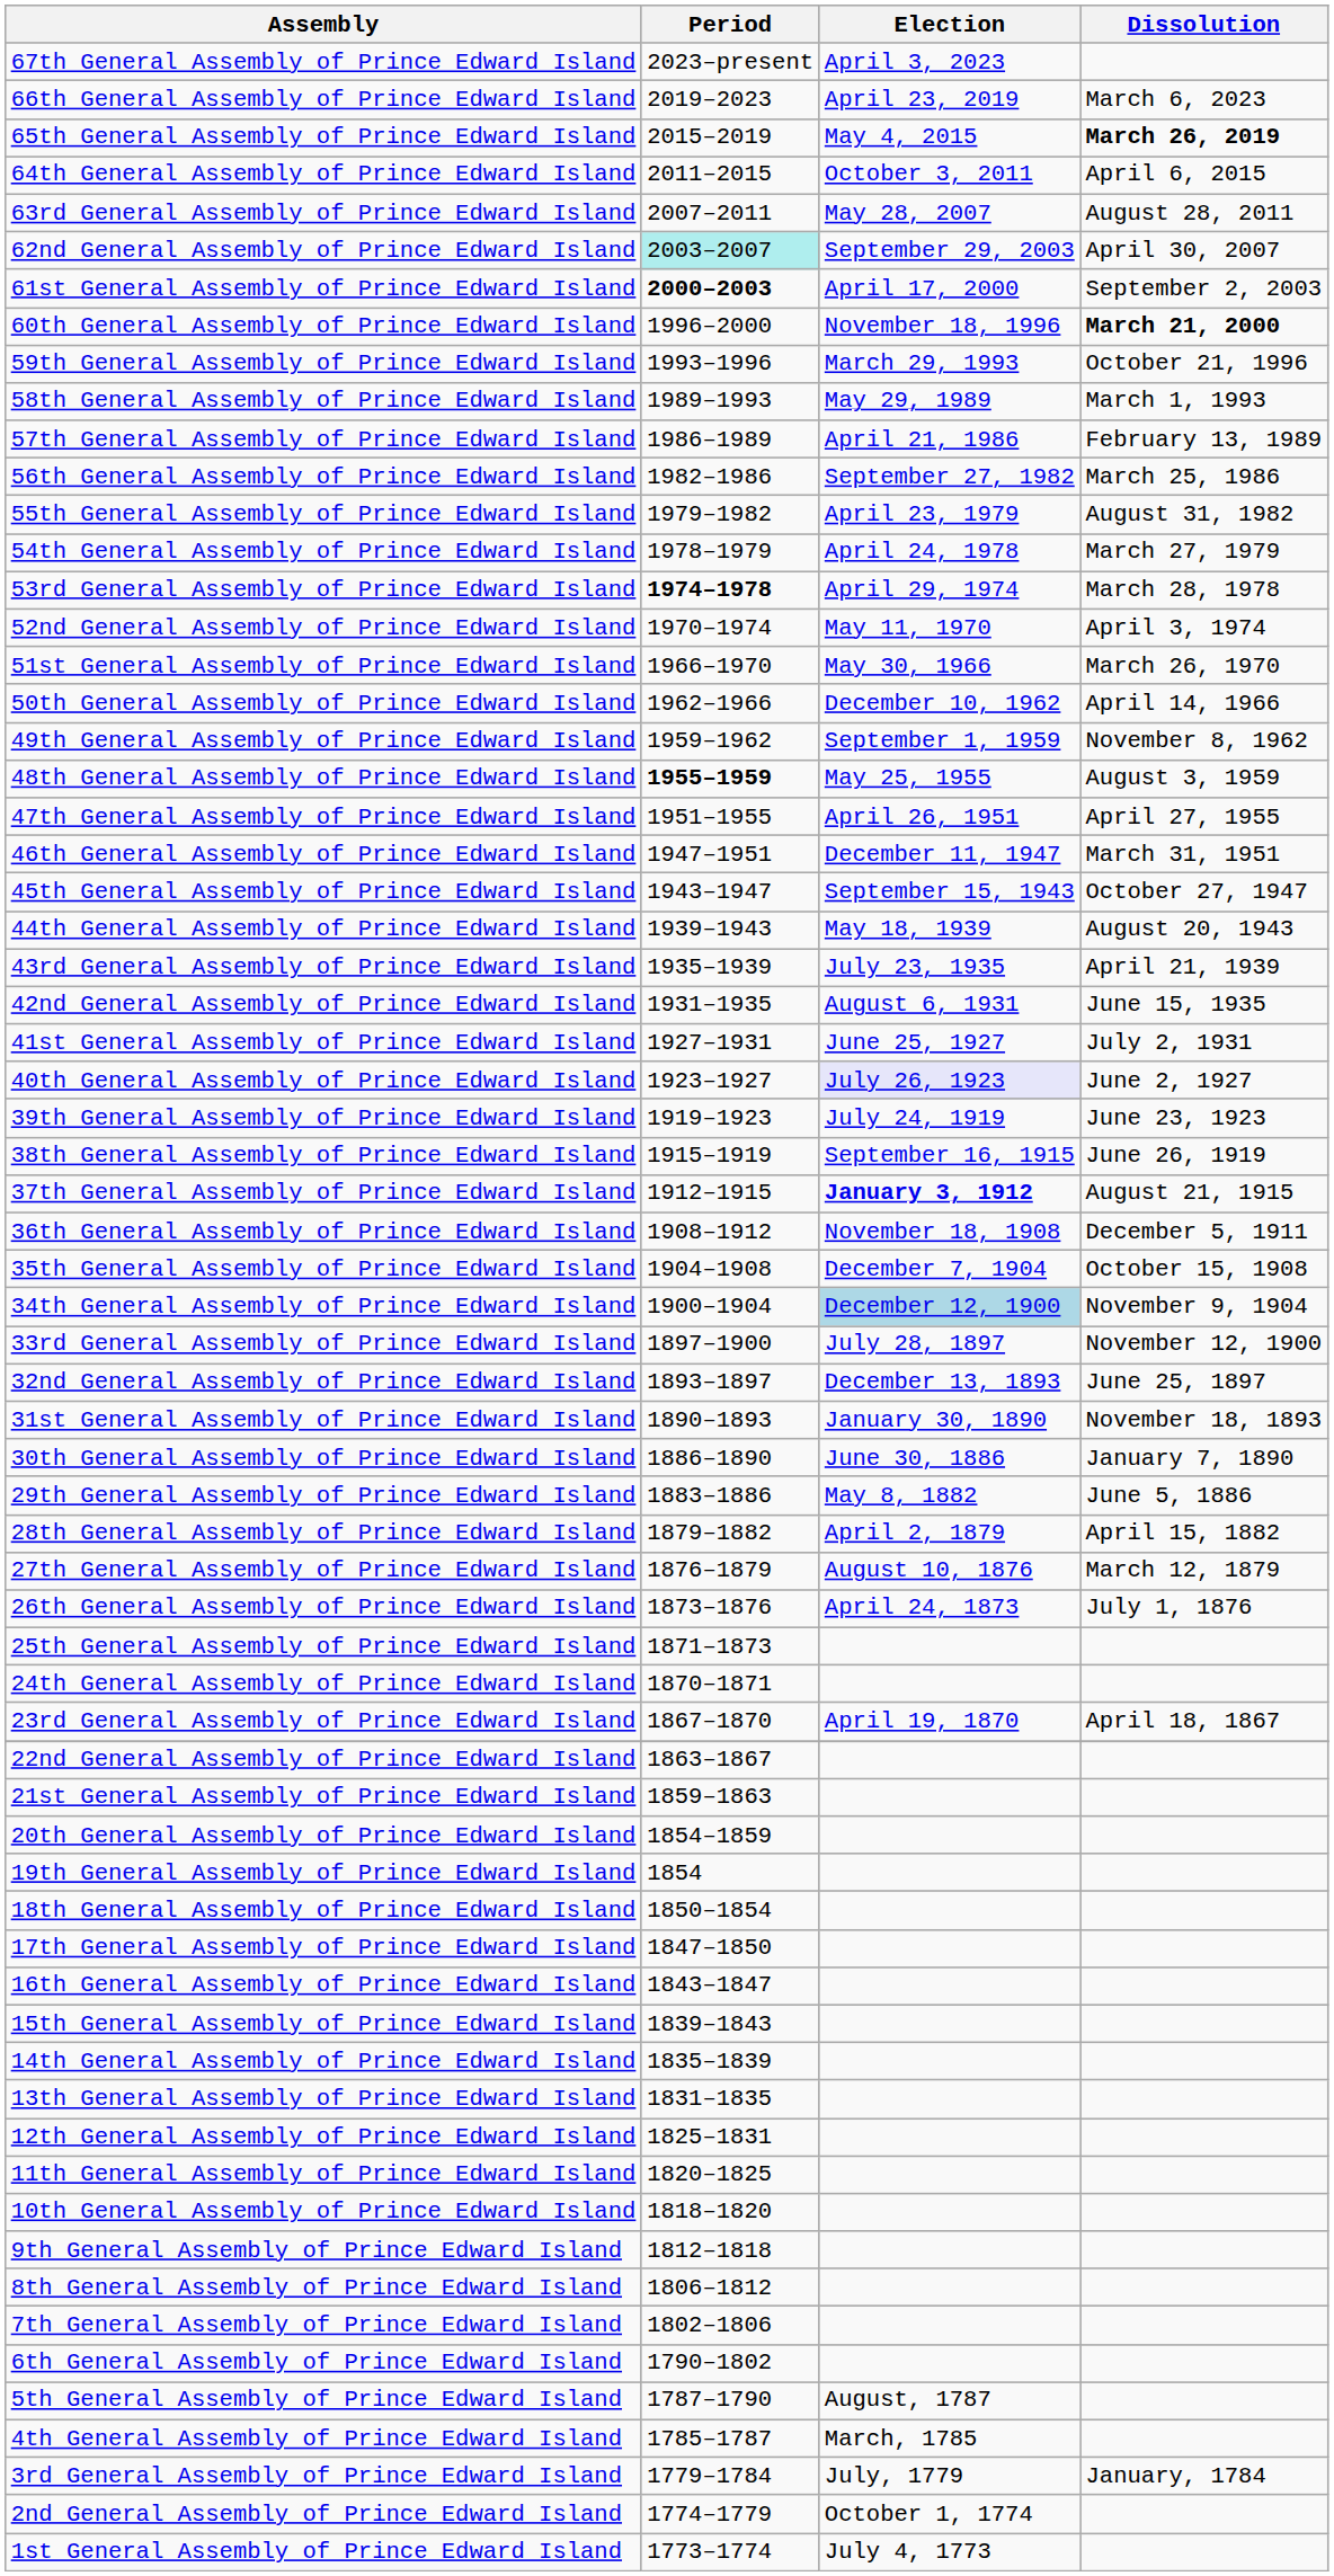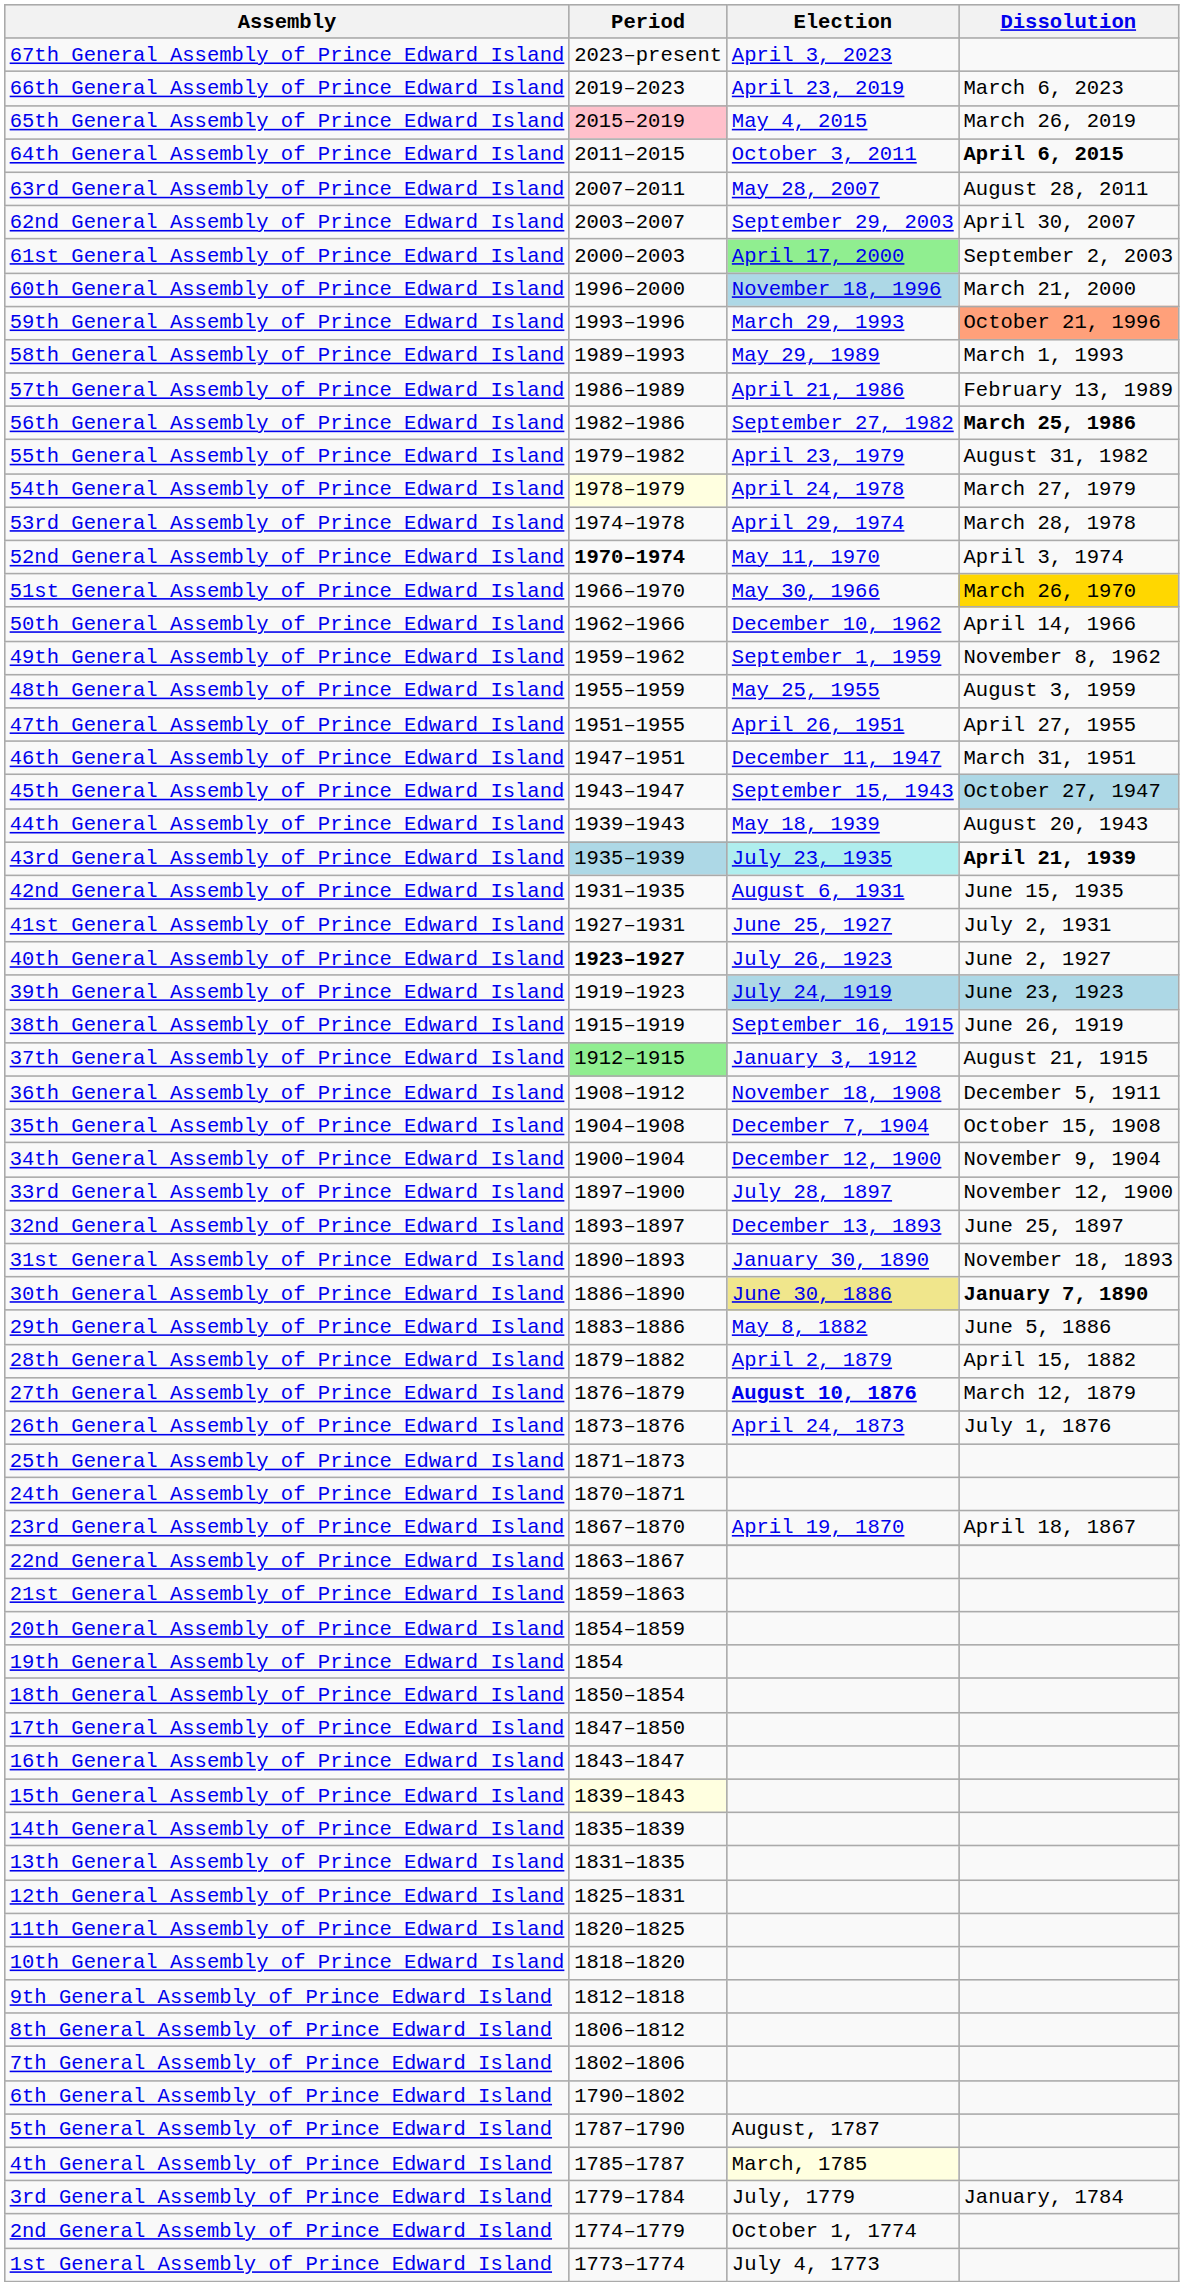 <table class="wikitable">
 <tr>
 <th align="right">Assembly</th>
 <th align="right">Period</th>
 <th align="right">Election</th>
 <th align="right"><a href='#'>Dissolution</a></th>
 </tr>
 <tr>
 <td><a href='#'>67th General Assembly of Prince Edward Island</a></td>
 <td>2023–present</td>
 <td><a href='#'>April 3, 2023</a></td>
 <td></td>
 </tr>
 <tr>
 <td><a href='#'>66th General Assembly of Prince Edward Island</a></td>
 <td>2019–2023</td>
 <td><a href='#'>April 23, 2019</a></td>
 <td>March 6, 2023</td>
 </tr>
 <tr>
 <td><a href='#'>65th General Assembly of Prince Edward Island</a></td>
-<td>2015–2019</td>
+<td style="background: pink;">2015–2019</td>
 <td><a href='#'>May 4, 2015</a></td>
-<td><strong>March 26, 2019</strong></td>
+<td>March 26, 2019</td>
 </tr>
 <tr>
 <td><a href='#'>64th General Assembly of Prince Edward Island</a></td>
 <td>2011–2015</td>
 <td><a href='#'>October 3, 2011</a></td>
-<td>April 6, 2015</td>
+<td><strong>April 6, 2015</strong></td>
 </tr>
 <tr>
 <td><a href='#'>63rd General Assembly of Prince Edward Island</a></td>
 <td>2007–2011</td>
 <td><a href='#'>May 28, 2007</a></td>
 <td>August 28, 2011</td>
 </tr>
 <tr>
 <td><a href='#'>62nd General Assembly of Prince Edward Island</a></td>
-<td style="background: paleturquoise;">2003–2007</td>
+<td>2003–2007</td>
 <td><a href='#'>September 29, 2003</a></td>
 <td>April 30, 2007</td>
 </tr>
 <tr>
 <td><a href='#'>61st General Assembly of Prince Edward Island</a></td>
-<td><strong>2000–2003</strong></td>
-<td><a href='#'>April 17, 2000</a></td>
+<td>2000–2003</td>
+<td style="background: lightgreen;"><a href='#'>April 17, 2000</a></td>
 <td>September 2, 2003</td>
 </tr>
 <tr>
 <td><a href='#'>60th General Assembly of Prince Edward Island</a></td>
 <td>1996–2000</td>
-<td><a href='#'>November 18, 1996</a></td>
-<td><strong>March 21, 2000</strong></td>
+<td style="background: lightblue;"><a href='#'>November 18, 1996</a></td>
+<td>March 21, 2000</td>
 </tr>
 <tr>
 <td><a href='#'>59th General Assembly of Prince Edward Island</a></td>
 <td>1993–1996</td>
 <td><a href='#'>March 29, 1993</a></td>
-<td>October 21, 1996</td>
+<td style="background: lightsalmon;">October 21, 1996</td>
 </tr>
 <tr>
 <td><a href='#'>58th General Assembly of Prince Edward Island</a></td>
 <td>1989–1993</td>
 <td><a href='#'>May 29, 1989</a></td>
 <td>March 1, 1993</td>
 </tr>
 <tr>
 <td><a href='#'>57th General Assembly of Prince Edward Island</a></td>
 <td>1986–1989</td>
 <td><a href='#'>April 21, 1986</a></td>
 <td>February 13, 1989</td>
 </tr>
 <tr>
 <td><a href='#'>56th General Assembly of Prince Edward Island</a></td>
 <td>1982–1986</td>
 <td><a href='#'>September 27, 1982</a></td>
-<td>March 25, 1986</td>
+<td><strong>March 25, 1986</strong></td>
 </tr>
 <tr>
 <td><a href='#'>55th General Assembly of Prince Edward Island</a></td>
 <td>1979–1982</td>
 <td><a href='#'>April 23, 1979</a></td>
 <td>August 31, 1982</td>
 </tr>
 <tr>
 <td><a href='#'>54th General Assembly of Prince Edward Island</a></td>
-<td>1978–1979</td>
+<td style="background: lightyellow;">1978–1979</td>
 <td><a href='#'>April 24, 1978</a></td>
 <td>March 27, 1979</td>
 </tr>
 <tr>
 <td><a href='#'>53rd General Assembly of Prince Edward Island</a></td>
-<td><strong>1974–1978</strong></td>
+<td>1974–1978</td>
 <td><a href='#'>April 29, 1974</a></td>
 <td>March 28, 1978</td>
 </tr>
 <tr>
 <td><a href='#'>52nd General Assembly of Prince Edward Island</a></td>
-<td>1970–1974</td>
+<td><strong>1970–1974</strong></td>
 <td><a href='#'>May 11, 1970</a></td>
 <td>April 3, 1974</td>
 </tr>
 <tr>
 <td><a href='#'>51st General Assembly of Prince Edward Island</a></td>
 <td>1966–1970</td>
 <td><a href='#'>May 30, 1966</a></td>
-<td>March 26, 1970</td>
+<td style="background: gold;">March 26, 1970</td>
 </tr>
 <tr>
 <td><a href='#'>50th General Assembly of Prince Edward Island</a></td>
 <td>1962–1966</td>
 <td><a href='#'>December 10, 1962</a></td>
 <td>April 14, 1966</td>
 </tr>
 <tr>
 <td><a href='#'>49th General Assembly of Prince Edward Island</a></td>
 <td>1959–1962</td>
 <td><a href='#'>September 1, 1959</a></td>
 <td>November 8, 1962</td>
 </tr>
 <tr>
 <td><a href='#'>48th General Assembly of Prince Edward Island</a></td>
-<td><strong>1955–1959</strong></td>
+<td>1955–1959</td>
 <td><a href='#'>May 25, 1955</a></td>
 <td>August 3, 1959</td>
 </tr>
 <tr>
 <td><a href='#'>47th General Assembly of Prince Edward Island</a></td>
 <td>1951–1955</td>
 <td><a href='#'>April 26, 1951</a></td>
 <td>April 27, 1955</td>
 </tr>
 <tr>
 <td><a href='#'>46th General Assembly of Prince Edward Island</a></td>
 <td>1947–1951</td>
 <td><a href='#'>December 11, 1947</a></td>
 <td>March 31, 1951</td>
 </tr>
 <tr>
 <td><a href='#'>45th General Assembly of Prince Edward Island</a></td>
 <td>1943–1947</td>
 <td><a href='#'>September 15, 1943</a></td>
-<td>October 27, 1947</td>
+<td style="background: lightblue;">October 27, 1947</td>
 </tr>
 <tr>
 <td><a href='#'>44th General Assembly of Prince Edward Island</a></td>
 <td>1939–1943</td>
 <td><a href='#'>May 18, 1939</a></td>
 <td>August 20, 1943</td>
 </tr>
 <tr>
 <td><a href='#'>43rd General Assembly of Prince Edward Island</a></td>
-<td>1935–1939</td>
-<td><a href='#'>July 23, 1935</a></td>
-<td>April 21, 1939</td>
+<td style="background: lightblue;">1935–1939</td>
+<td style="background: paleturquoise;"><a href='#'>July 23, 1935</a></td>
+<td><strong>April 21, 1939</strong></td>
 </tr>
 <tr>
 <td><a href='#'>42nd General Assembly of Prince Edward Island</a></td>
 <td>1931–1935</td>
 <td><a href='#'>August 6, 1931</a></td>
 <td>June 15, 1935</td>
 </tr>
 <tr>
 <td><a href='#'>41st General Assembly of Prince Edward Island</a></td>
 <td>1927–1931</td>
 <td><a href='#'>June 25, 1927</a></td>
 <td>July 2, 1931</td>
 </tr>
 <tr>
 <td><a href='#'>40th General Assembly of Prince Edward Island</a></td>
-<td>1923–1927</td>
-<td style="background: lavender;"><a href='#'>July 26, 1923</a></td>
+<td><strong>1923–1927</strong></td>
+<td><a href='#'>July 26, 1923</a></td>
 <td>June 2, 1927</td>
 </tr>
 <tr>
 <td><a href='#'>39th General Assembly of Prince Edward Island</a></td>
 <td>1919–1923</td>
-<td><a href='#'>July 24, 1919</a></td>
-<td>June 23, 1923</td>
+<td style="background: lightblue;"><a href='#'>July 24, 1919</a></td>
+<td style="background: lightblue;">June 23, 1923</td>
 </tr>
 <tr>
 <td><a href='#'>38th General Assembly of Prince Edward Island</a></td>
 <td>1915–1919</td>
 <td><a href='#'>September 16, 1915</a></td>
 <td>June 26, 1919</td>
 </tr>
 <tr>
 <td><a href='#'>37th General Assembly of Prince Edward Island</a></td>
-<td>1912–1915</td>
-<td><strong><a href='#'>January 3, 1912</a></strong></td>
+<td style="background: lightgreen;">1912–1915</td>
+<td><a href='#'>January 3, 1912</a></td>
 <td>August 21, 1915</td>
 </tr>
 <tr>
 <td><a href='#'>36th General Assembly of Prince Edward Island</a></td>
 <td>1908–1912</td>
 <td><a href='#'>November 18, 1908</a></td>
 <td>December 5, 1911</td>
 </tr>
 <tr>
 <td><a href='#'>35th General Assembly of Prince Edward Island</a></td>
 <td>1904–1908</td>
 <td><a href='#'>December 7, 1904</a></td>
 <td>October 15, 1908</td>
 </tr>
 <tr>
 <td><a href='#'>34th General Assembly of Prince Edward Island</a></td>
 <td>1900–1904</td>
-<td style="background: lightblue;"><a href='#'>December 12, 1900</a></td>
+<td><a href='#'>December 12, 1900</a></td>
 <td>November 9, 1904</td>
 </tr>
 <tr>
 <td><a href='#'>33rd General Assembly of Prince Edward Island</a></td>
 <td>1897–1900</td>
 <td><a href='#'>July 28, 1897</a></td>
 <td>November 12, 1900</td>
 </tr>
 <tr>
 <td><a href='#'>32nd General Assembly of Prince Edward Island</a></td>
 <td>1893–1897</td>
 <td><a href='#'>December 13, 1893</a></td>
 <td>June 25, 1897</td>
 </tr>
 <tr>
 <td><a href='#'>31st General Assembly of Prince Edward Island</a></td>
 <td>1890–1893</td>
 <td><a href='#'>January 30, 1890</a></td>
 <td>November 18, 1893</td>
 </tr>
 <tr>
 <td><a href='#'>30th General Assembly of Prince Edward Island</a></td>
 <td>1886–1890</td>
-<td><a href='#'>June 30, 1886</a></td>
-<td>January 7, 1890</td>
+<td style="background: khaki;"><a href='#'>June 30, 1886</a></td>
+<td><strong>January 7, 1890</strong></td>
 </tr>
 <tr>
 <td><a href='#'>29th General Assembly of Prince Edward Island</a></td>
 <td>1883–1886</td>
 <td><a href='#'>May 8, 1882</a></td>
 <td>June 5, 1886</td>
 </tr>
 <tr>
 <td><a href='#'>28th General Assembly of Prince Edward Island</a></td>
 <td>1879–1882</td>
 <td><a href='#'>April 2, 1879</a></td>
 <td>April 15, 1882</td>
 </tr>
 <tr>
 <td><a href='#'>27th General Assembly of Prince Edward Island</a></td>
 <td>1876–1879</td>
-<td><a href='#'>August 10, 1876</a></td>
+<td><strong><a href='#'>August 10, 1876</a></strong></td>
 <td>March 12, 1879</td>
 </tr>
 <tr>
 <td><a href='#'>26th General Assembly of Prince Edward Island</a></td>
 <td>1873–1876</td>
 <td><a href='#'>April 24, 1873</a></td>
 <td>July 1, 1876</td>
 </tr>
 <tr>
 <td><a href='#'>25th General Assembly of Prince Edward Island</a></td>
 <td>1871–1873</td>
 <td></td>
 <td></td>
 </tr>
 <tr>
 <td><a href='#'>24th General Assembly of Prince Edward Island</a></td>
 <td>1870–1871</td>
 <td></td>
 <td></td>
 </tr>
 <tr>
 <td><a href='#'>23rd General Assembly of Prince Edward Island</a></td>
 <td>1867–1870</td>
 <td><a href='#'>April 19, 1870</a></td>
 <td>April 18, 1867</td>
 </tr>
 <tr>
 </tr>
 <tr>
 <td><a href='#'>22nd General Assembly of Prince Edward Island</a></td>
 <td>1863–1867</td>
 <td></td>
 <td></td>
 </tr>
 <tr>
 <td><a href='#'>21st General Assembly of Prince Edward Island</a></td>
 <td>1859–1863</td>
 <td></td>
 <td></td>
 </tr>
 <tr>
 <td><a href='#'>20th General Assembly of Prince Edward Island</a></td>
 <td>1854–1859</td>
 <td></td>
 <td></td>
 </tr>
 <tr>
 <td><a href='#'>19th General Assembly of Prince Edward Island</a></td>
 <td>1854</td>
 <td></td>
 <td></td>
 </tr>
 <tr>
 <td><a href='#'>18th General Assembly of Prince Edward Island</a></td>
 <td>1850–1854</td>
 <td></td>
 <td></td>
 </tr>
 <tr>
 <td><a href='#'>17th General Assembly of Prince Edward Island</a></td>
 <td>1847–1850</td>
 <td></td>
 <td></td>
 </tr>
 <tr>
 <td><a href='#'>16th General Assembly of Prince Edward Island</a></td>
 <td>1843–1847</td>
 <td></td>
 <td></td>
 </tr>
 <tr>
 <td><a href='#'>15th General Assembly of Prince Edward Island</a></td>
-<td>1839–1843</td>
+<td style="background: lightyellow;">1839–1843</td>
 <td></td>
 <td></td>
 </tr>
 <tr>
 <td><a href='#'>14th General Assembly of Prince Edward Island</a></td>
 <td>1835–1839</td>
 <td></td>
 <td></td>
 </tr>
 <tr>
 <td><a href='#'>13th General Assembly of Prince Edward Island</a></td>
 <td>1831–1835</td>
 <td></td>
 <td></td>
 </tr>
 <tr>
 <td><a href='#'>12th General Assembly of Prince Edward Island</a></td>
 <td>1825–1831</td>
 <td></td>
 <td></td>
 </tr>
 <tr>
 <td><a href='#'>11th General Assembly of Prince Edward Island</a></td>
 <td>1820–1825</td>
 <td></td>
 <td></td>
 </tr>
 <tr>
 <td><a href='#'>10th General Assembly of Prince Edward Island</a></td>
 <td>1818–1820</td>
 <td></td>
 <td></td>
 </tr>
 <tr>
 <td><a href='#'>9th General Assembly of Prince Edward Island</a></td>
 <td>1812–1818</td>
 <td></td>
 <td></td>
 </tr>
 <tr>
 <td><a href='#'>8th General Assembly of Prince Edward Island</a></td>
 <td>1806–1812</td>
 <td></td>
 <td></td>
 </tr>
 <tr>
 <td><a href='#'>7th General Assembly of Prince Edward Island</a></td>
 <td>1802–1806</td>
 <td></td>
 <td></td>
 </tr>
 <tr>
 <td><a href='#'>6th General Assembly of Prince Edward Island</a></td>
 <td>1790–1802</td>
 <td></td>
 <td></td>
 </tr>
 <tr>
 <td><a href='#'>5th General Assembly of Prince Edward Island</a></td>
 <td>1787–1790</td>
 <td>August, 1787</td>
 <td></td>
 </tr>
 <tr>
 <td><a href='#'>4th General Assembly of Prince Edward Island</a></td>
 <td>1785–1787</td>
-<td>March, 1785</td>
+<td style="background: lightyellow;">March, 1785</td>
 <td></td>
 </tr>
 <tr>
 <td><a href='#'>3rd General Assembly of Prince Edward Island</a></td>
 <td>1779–1784</td>
 <td>July, 1779</td>
 <td>January, 1784</td>
 </tr>
 <tr>
 <td><a href='#'>2nd General Assembly of Prince Edward Island</a></td>
 <td>1774–1779</td>
 <td>October 1, 1774</td>
 <td></td>
 </tr>
 <tr>
 <td><a href='#'>1st General Assembly of Prince Edward Island</a></td>
 <td>1773–1774</td>
 <td>July 4, 1773</td>
 <td></td>
 </tr>
 </table>
